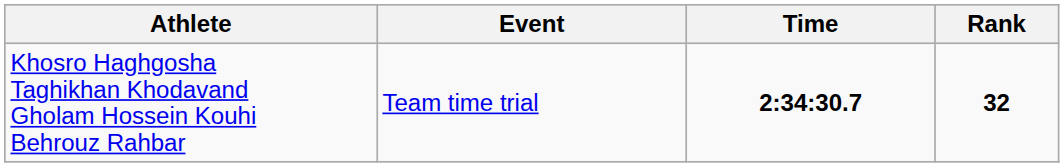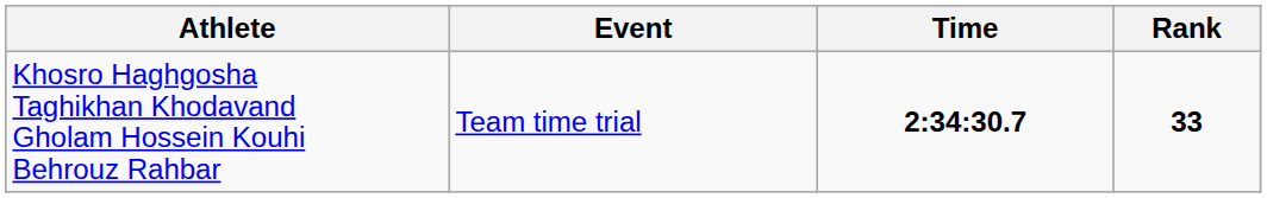 <table class="wikitable" width="50%" style="text-align:center; font-size:90%">
 <tr>
 <th width="30%">Athlete</th>
 <th width="25%">Event</th>
 <th width="20%">Time</th>
 <th width="10%">Rank</th>
 </tr>
 <tr>
 <td align="left"><a href='#'>Khosro Haghgosha</a><br><a href='#'>Taghikhan Khodavand</a><br><a href='#'>Gholam Hossein Kouhi</a><br><a href='#'>Behrouz Rahbar</a></td>
 <td align="left"><a href='#'>Team time trial</a></td>
 <td><strong>2:34:30.7</strong></td>
-<td><strong>32</strong></td>
+<td><strong>33</strong></td>
 </tr>
 </table>
